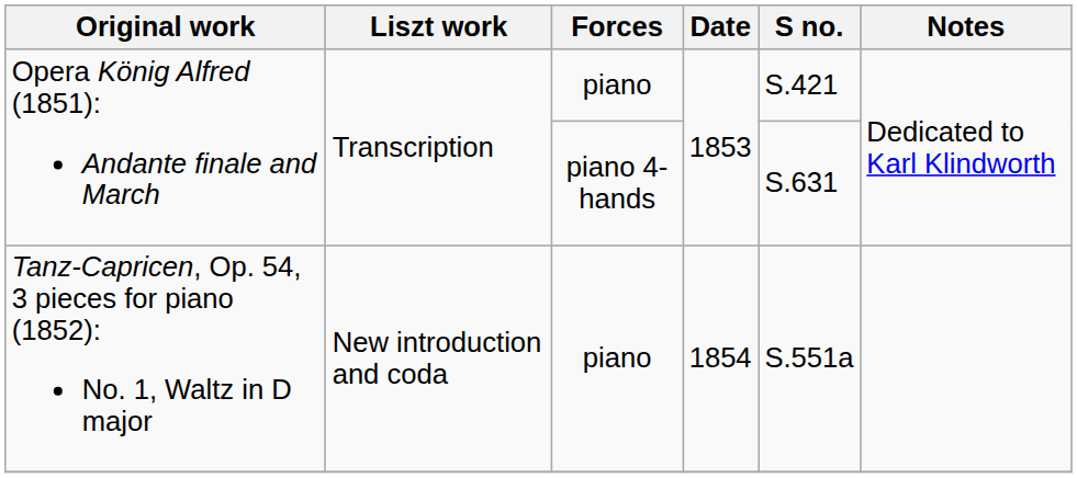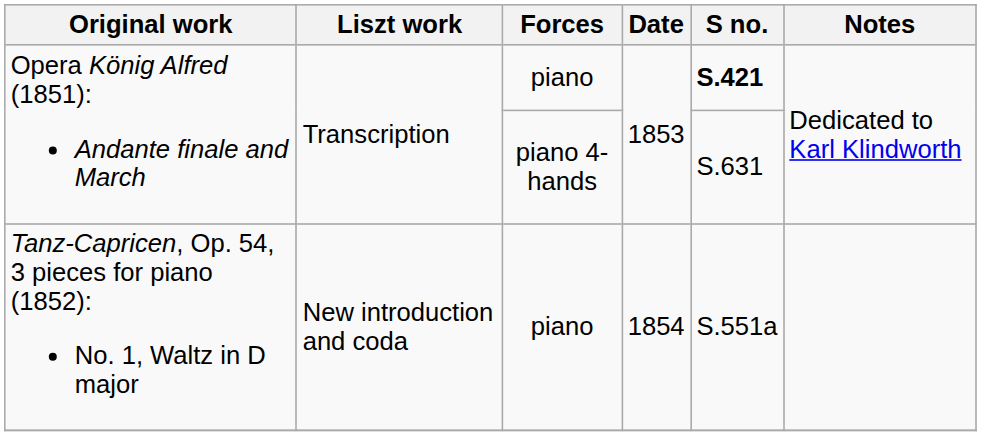 <table class="wikitable">
 <tr>
 <th>Original work</th>
 <th>Liszt work</th>
 <th>Forces</th>
 <th>Date</th>
 <th>S no.</th>
 <th>Notes</th>
 </tr>
 <tr>
 <td rowspan=2>Opera <em>König Alfred</em> (1851):<br><ul><li><em>Andante finale and March</em></li></ul></td>
 <td rowspan=2>Transcription</td>
 <td style="text-align: center">piano</td>
 <td rowspan=2>1853</td>
-<td>S.421</td>
+<td><strong>S.421</strong></td>
 <td rowspan=2>Dedicated to <a href='#'>Karl Klindworth</a></td>
 </tr>
 <tr>
 <td style="text-align: center">piano 4-hands</td>
 <td>S.631</td>
 </tr>
 <tr>
 <td><em>Tanz-Capricen</em>, Op. 54, 3 pieces for piano (1852):<br><ul><li>No. 1, Waltz in D major</li></ul></td>
 <td>New introduction and coda</td>
 <td style="text-align: center">piano</td>
 <td>1854</td>
 <td>S.551a</td>
 <td></td>
 </tr>
 <tr>
 </tr>
 </table>
